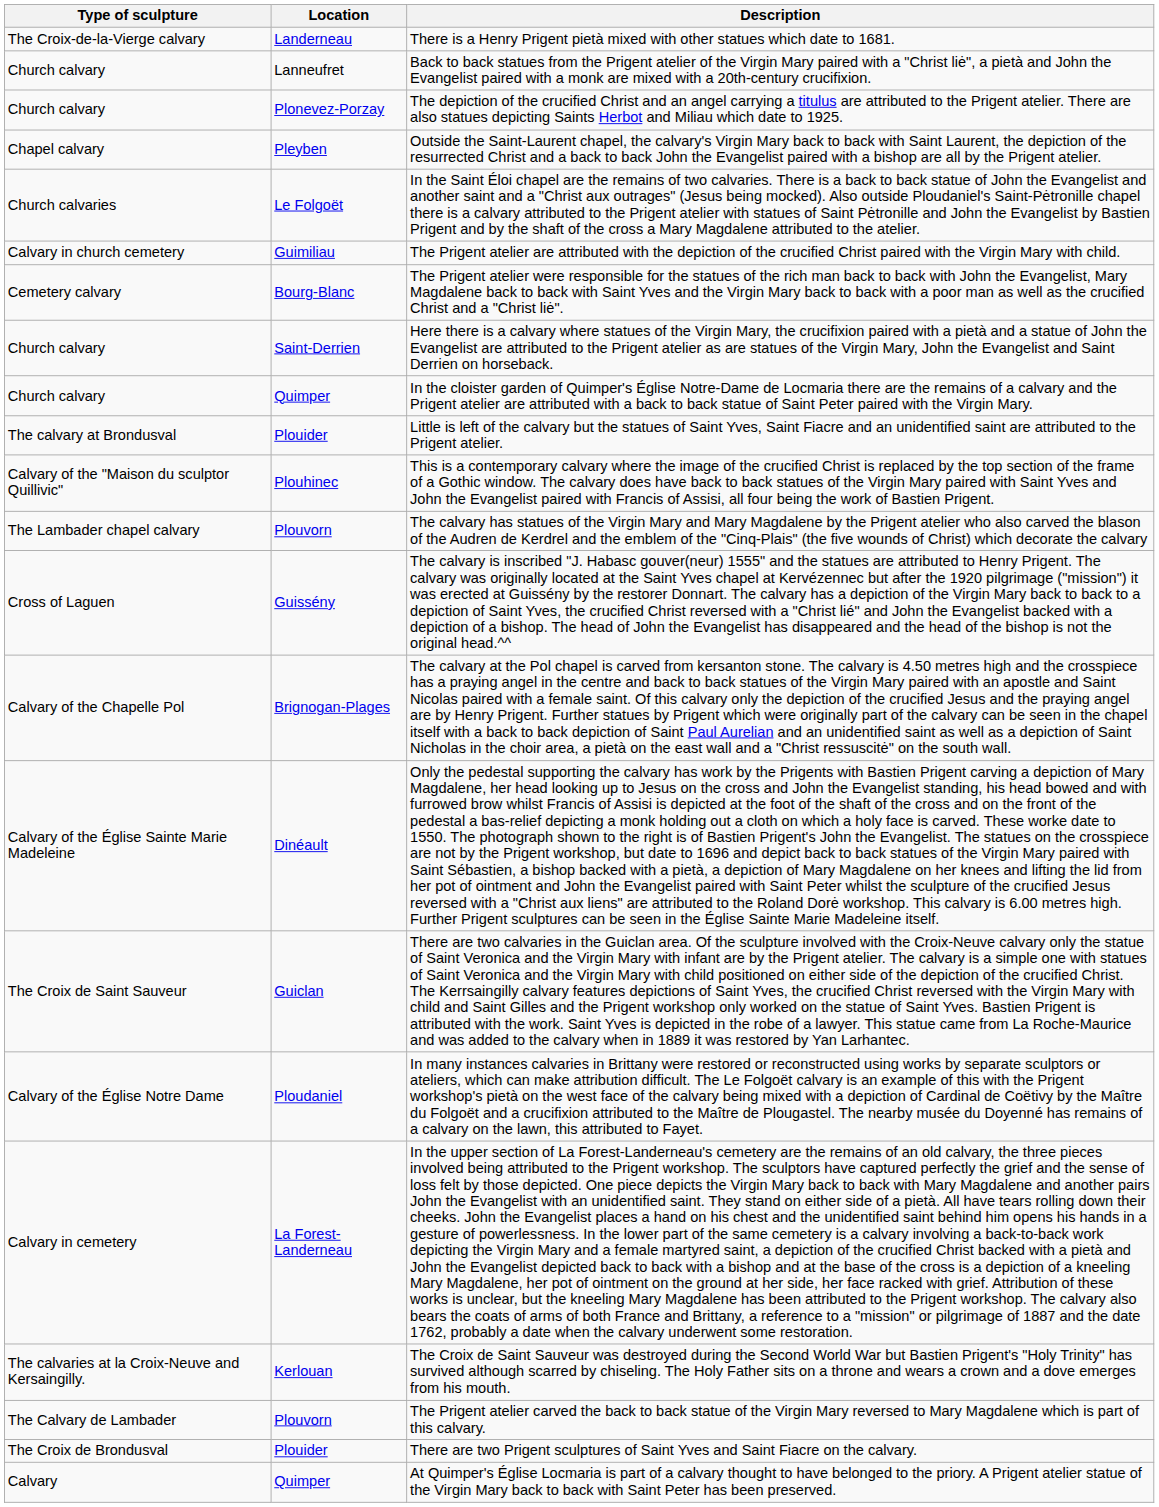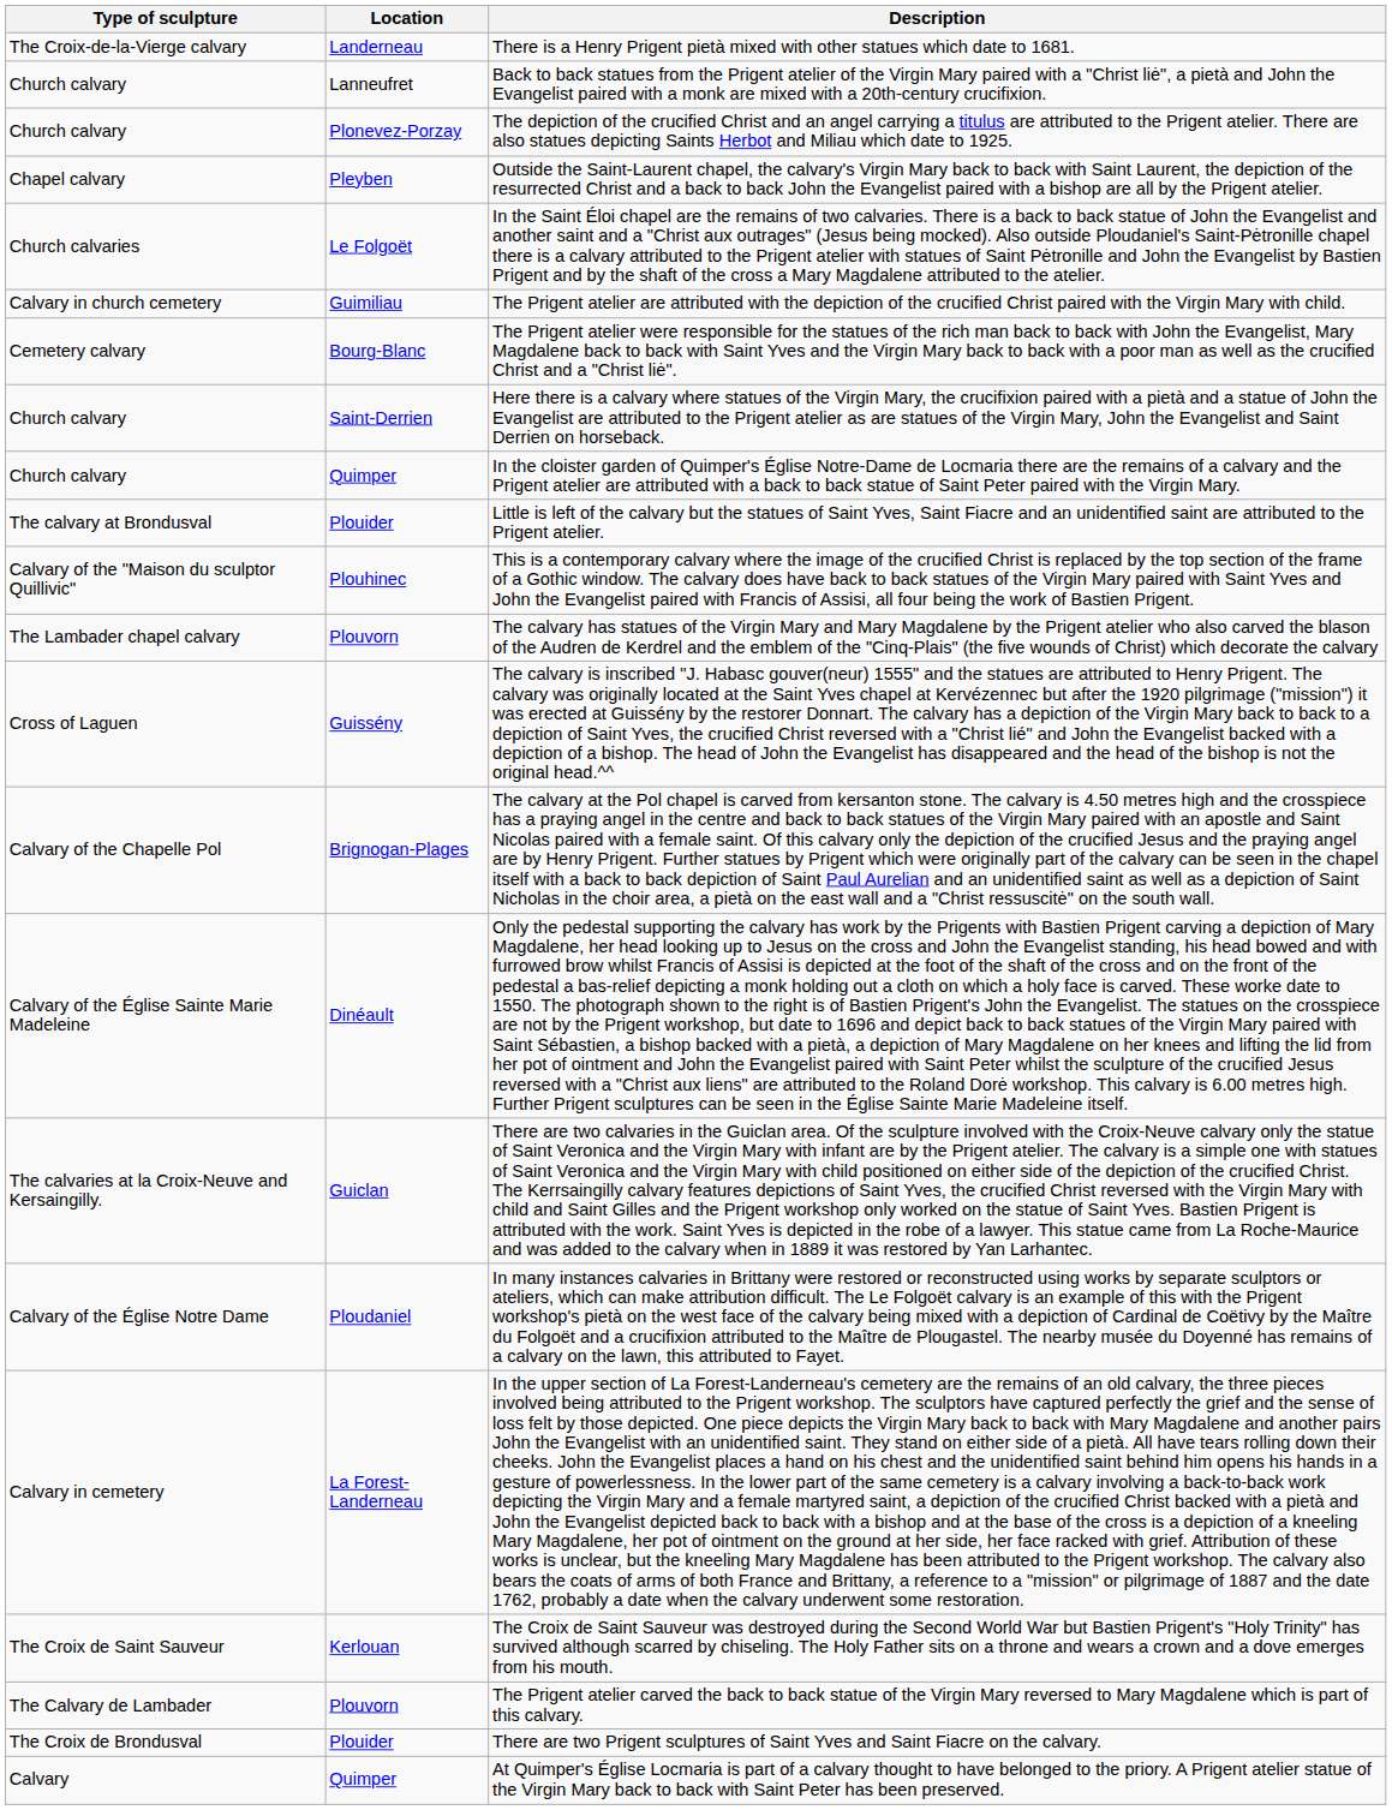 <table class="wikitable sortable" style="width:100%; margin-top:0.5em;">
 <tr>
 <th scope="col">Type of sculpture</th>
 <th scope="col">Location</th>
 <th scope="col" style="width:65%;">Description</th>
 </tr>
 <tr>
 <td>The Croix-de-la-Vierge calvary</td>
 <td><a href='#'>Landerneau</a></td>
 <td>There is a Henry Prigent pietà mixed with other statues which date to 1681.</td>
 </tr>
 <tr>
 <td>Church calvary</td>
 <td>Lanneufret</td>
 <td>Back to back statues from the Prigent atelier of the Virgin Mary paired with a "Christ liė", a pietà and John the Evangelist paired with a monk are mixed with a 20th-century crucifixion.</td>
 </tr>
 <tr>
 <td>Church calvary</td>
 <td><a href='#'>Plonevez-Porzay</a></td>
 <td>The depiction of the crucified Christ and an angel carrying a <a href='#'>titulus</a> are attributed to the Prigent atelier. There are also statues depicting Saints <a href='#'>Herbot</a> and Miliau which date to 1925.</td>
 </tr>
 <tr>
 <td>Chapel calvary</td>
 <td><a href='#'>Pleyben</a></td>
 <td>Outside the Saint-Laurent chapel, the calvary's Virgin Mary back to back with Saint Laurent, the depiction of the resurrected Christ and a back to back John the Evangelist paired with a bishop are all by the Prigent atelier.</td>
 </tr>
 <tr>
 <td>Church calvaries</td>
 <td><a href='#'>Le Folgoët</a></td>
 <td>In the Saint Éloi chapel are the remains of two calvaries. There is a back to back statue of John the Evangelist and another saint and a "Christ aux outrages" (Jesus being mocked). Also outside Ploudaniel's Saint-Pėtronille chapel there is a calvary attributed to the Prigent atelier with statues of Saint Pėtronille and John the Evangelist by Bastien Prigent and by the shaft of the cross a Mary Magdalene attributed to the atelier.</td>
 </tr>
 <tr>
 <td>Calvary in church cemetery</td>
 <td><a href='#'>Guimiliau</a></td>
 <td>The Prigent atelier are attributed with the depiction of the crucified Christ paired with the Virgin Mary with child.</td>
 </tr>
 <tr>
 <td>Cemetery calvary</td>
 <td><a href='#'>Bourg-Blanc</a></td>
 <td>The Prigent atelier were responsible for the statues of the rich man back to back with John the Evangelist, Mary Magdalene back to back with Saint Yves and the Virgin Mary back to back with a poor man as well as the crucified Christ and a "Christ liė".<br></td>
 </tr>
 <tr>
 <td>Church calvary</td>
 <td><a href='#'>Saint-Derrien</a></td>
 <td>Here there is a calvary where statues of the Virgin Mary, the crucifixion paired with a pietà and a statue of John the Evangelist are attributed to the Prigent atelier as are statues of the Virgin Mary, John the Evangelist and Saint Derrien on horseback.</td>
 </tr>
 <tr>
 <td>Church calvary</td>
 <td><a href='#'>Quimper</a></td>
 <td>In the cloister garden of Quimper's Église Notre-Dame de Locmaria there are the remains of a calvary and the Prigent atelier are attributed with a back to back statue of Saint Peter paired with the Virgin Mary.</td>
 </tr>
 <tr>
 <td>The calvary at Brondusval</td>
 <td><a href='#'>Plouider</a></td>
 <td>Little is left of the calvary but the statues of Saint Yves, Saint Fiacre and an unidentified saint are attributed to the Prigent atelier.</td>
 </tr>
 <tr>
 <td>Calvary of the "Maison du sculptor Quillivic"</td>
 <td><a href='#'>Plouhinec</a></td>
 <td>This is a contemporary calvary where the image of the crucified Christ is replaced by the top section of the frame of a Gothic window. The calvary does have back to back statues of the Virgin Mary paired with Saint Yves and John the Evangelist paired with Francis of Assisi, all four being the work of Bastien Prigent.</td>
 </tr>
 <tr>
 <td>The Lambader chapel calvary</td>
 <td><a href='#'>Plouvorn</a></td>
 <td>The calvary has statues of the Virgin Mary and Mary Magdalene by the Prigent atelier who also carved the blason of the Audren de Kerdrel and the emblem of the "Cinq-Plais" (the five wounds of Christ) which decorate the calvary</td>
 </tr>
 <tr>
 <td>Cross of Laguen</td>
 <td><a href='#'>Guissény</a></td>
 <td>The calvary is inscribed "J. Habasc gouver(neur) 1555" and the statues are attributed to Henry Prigent. The calvary was originally located at the Saint Yves chapel at Kervézennec but after the 1920 pilgrimage ("mission") it was erected at Guissény by the restorer Donnart. The calvary has a depiction of the Virgin Mary back to back to a depiction of Saint Yves, the crucified Christ reversed with a "Christ lié" and John the Evangelist backed with a depiction of a bishop. The head of John the Evangelist has disappeared and the head of the bishop is not the original head.^^</td>
 </tr>
 <tr>
 <td>Calvary of the Chapelle Pol</td>
 <td><a href='#'>Brignogan-Plages</a></td>
 <td>The calvary at the Pol chapel is carved from kersanton stone. The calvary is 4.50 metres high and the crosspiece has a praying angel in the centre and back to back statues of the Virgin Mary paired with an apostle and Saint Nicolas paired with a female saint. Of this calvary only the depiction of the crucified Jesus and the praying angel are by Henry Prigent. Further statues by Prigent which were originally part of the calvary can be seen in the chapel itself with a back to back depiction of Saint <a href='#'>Paul Aurelian</a> and an unidentified saint as well as a depiction of Saint Nicholas in the choir area, a pietà on the east wall and a "Christ ressuscitė" on the south wall.</td>
 </tr>
 <tr>
 <td>Calvary of the Église Sainte Marie Madeleine</td>
 <td><a href='#'>Dinéault</a></td>
 <td>Only the pedestal supporting the calvary has work by the Prigents with Bastien Prigent carving a depiction of Mary Magdalene, her head looking up to Jesus on the cross and John the Evangelist standing, his head bowed and with furrowed brow whilst Francis of Assisi is depicted at the foot of the shaft of the cross and on the front of the pedestal a bas-relief depicting a monk holding out a cloth on which a holy face is carved. These worke date to 1550. The photograph shown to the right is of Bastien Prigent's John the Evangelist. The statues on the crosspiece are not by the Prigent workshop, but date to 1696 and depict back to back statues of the Virgin Mary paired with Saint Sébastien, a bishop backed with a pietà, a depiction of Mary Magdalene on her knees and lifting the lid from her pot of ointment and John the Evangelist paired with Saint Peter whilst the sculpture of the crucified Jesus reversed with a "Christ aux liens" are attributed to the Roland Dorė workshop. This calvary is 6.00 metres high. Further Prigent sculptures can be seen in the Église Sainte Marie Madeleine itself.</td>
 </tr>
 <tr>
-<td>The Croix de Saint Sauveur</td>
+<td>The calvaries at la Croix-Neuve and Kersaingilly.</td>
 <td><a href='#'>Guiclan</a></td>
 <td>There are two calvaries in the Guiclan area. Of the sculpture involved with the Croix-Neuve calvary only the statue of Saint Veronica and the Virgin Mary with infant are by the Prigent atelier. The calvary is a simple one with statues of Saint Veronica and the Virgin Mary with child positioned on either side of the depiction of the crucified Christ. The Kerrsaingilly calvary features depictions of Saint Yves, the crucified Christ reversed with the Virgin Mary with child and Saint Gilles and the Prigent workshop only worked on the statue of Saint Yves. Bastien Prigent is attributed with the work. Saint Yves is depicted in the robe of a lawyer. This statue came from La Roche-Maurice and was added to the calvary when in 1889 it was restored by Yan Larhantec.</td>
 </tr>
 <tr>
 <td>Calvary of the Église Notre Dame</td>
 <td><a href='#'>Ploudaniel</a></td>
 <td>In many instances calvaries in Brittany were restored or reconstructed using works by separate sculptors or ateliers, which can make attribution difficult. The  Le Folgoët calvary is an example of this with the Prigent workshop's pietà on the west face of the calvary being mixed with a depiction of Cardinal de Coëtivy by the Maître du Folgoët and a crucifixion attributed to the Maître de Plougastel. The nearby musée du Doyenné has remains of a calvary on the lawn, this attributed to Fayet.<br></td>
 </tr>
 <tr>
 <td>Calvary in cemetery</td>
 <td><a href='#'>La Forest-Landerneau</a></td>
 <td>In the upper section of La Forest-Landerneau's cemetery are the remains of an old calvary, the three pieces involved being attributed to the Prigent workshop. The sculptors have captured perfectly the grief and the sense of loss felt by those depicted.  One piece depicts the Virgin Mary back to back with Mary Magdalene and another pairs John the Evangelist with an unidentified saint. They stand on either side of a pietà. All have tears rolling down their cheeks. John the Evangelist places a hand on his chest and the unidentified saint behind him opens his hands in a gesture of powerlessness. In the lower part of the same cemetery is a  calvary involving a back-to-back work depicting the Virgin Mary and a female martyred saint, a depiction of the crucified Christ backed with a pietà and John the Evangelist depicted back to back with a bishop and at the base of the cross is a depiction of a kneeling Mary Magdalene, her pot of ointment on the ground at her side, her face racked with grief. Attribution of these works is unclear, but the kneeling Mary Magdalene has been attributed to the Prigent workshop. The calvary also bears the coats of arms of both France and Brittany, a reference to a "mission" or pilgrimage of 1887 and the date 1762, probably a date when the calvary underwent some restoration.<br></td>
 </tr>
 <tr>
-<td>The calvaries at la Croix-Neuve and Kersaingilly.</td>
+<td>The Croix de Saint Sauveur</td>
 <td><a href='#'>Kerlouan</a></td>
 <td>The Croix de Saint Sauveur was destroyed during the Second World War but Bastien Prigent's "Holy Trinity" has survived although scarred by chiseling. The Holy Father sits on a throne and wears a crown and a dove emerges from his mouth.</td>
 </tr>
 <tr>
 <td>The Calvary de Lambader</td>
 <td><a href='#'>Plouvorn</a></td>
 <td>The Prigent atelier carved the back to back statue of the Virgin Mary reversed to Mary Magdalene which is part of this calvary.</td>
 </tr>
 <tr>
 <td>The Croix de Brondusval</td>
 <td><a href='#'>Plouider</a></td>
 <td>There are two Prigent sculptures of Saint Yves and Saint Fiacre on the calvary.</td>
 </tr>
 <tr>
 <td>Calvary</td>
 <td><a href='#'>Quimper</a></td>
 <td>At Quimper's Église Locmaria is part of a calvary thought to have belonged to the priory. A Prigent atelier statue of the Virgin Mary back to back with Saint Peter has been preserved.</td>
 </tr>
 </table>
